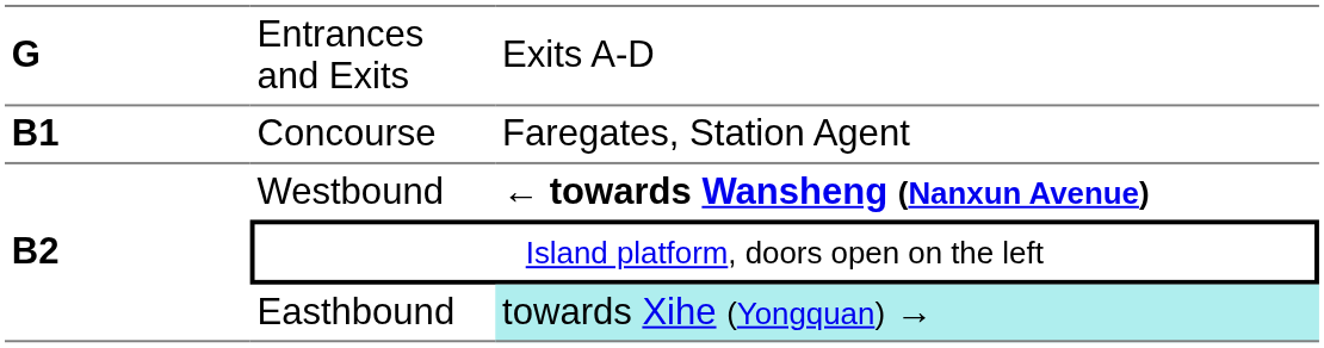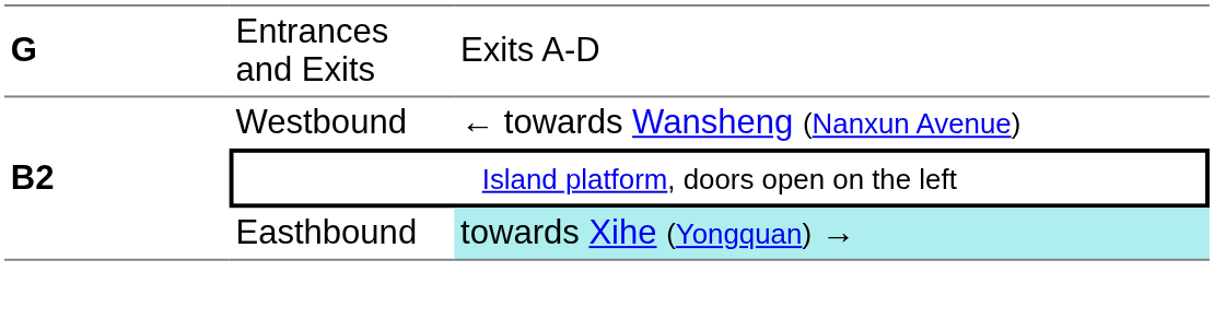 <table cellspacing=0 cellpadding=3>
 <tr>
 <td style="border-top:solid 1px gray;border-bottom:solid 1px gray;" width=100><strong>G</strong></td>
 <td style="border-top:solid 1px gray;border-bottom:solid 1px gray;" width=100>Entrances and Exits</td>
 <td style="border-top:solid 1px gray;border-bottom:solid 1px gray;" width=350>Exits A-D</td>
 </tr>
 <tr>
-<td style="border-bottom:solid 1px gray;"><strong>B1</strong></td>
-<td style="border-bottom:solid 1px gray;">Concourse</td>
-<td style="border-bottom:solid 1px gray;">Faregates, Station Agent</td>
-</tr>
-<tr>
 <td style="border-bottom:solid 1px gray;" rowspan=3><strong>B2</strong></td>
 <td>Westbound</td>
-<td><strong>←  towards <a href='#'>Wansheng</a> <small>(<a href='#'>Nanxun Avenue</a>)</small></strong></td>
+<td>←  towards <a href='#'>Wansheng</a> <small>(<a href='#'>Nanxun Avenue</a>)</small></td>
 </tr>
 <tr>
 <td style="border-right:solid 2px black;border-left:solid 2px black;border-top:solid 2px black;border-bottom:solid 2px black;text-align:center;" colspan=2><small><a href='#'>Island platform</a>, doors open on the left</small></td>
 </tr>
 <tr>
 <td style="border-bottom:solid 1px gray;">Easthbound</td>
 <td style="background: paleturquoise; border-bottom:solid 1px gray;">  towards <a href='#'>Xihe</a> <small>(<a href='#'>Yongquan</a>)</small> →</td>
 </tr>
 </table>
